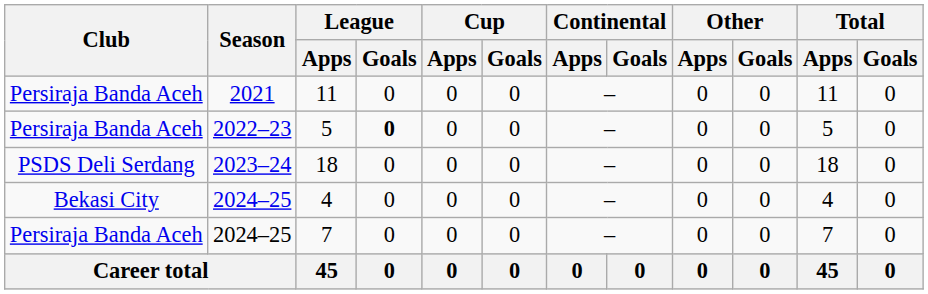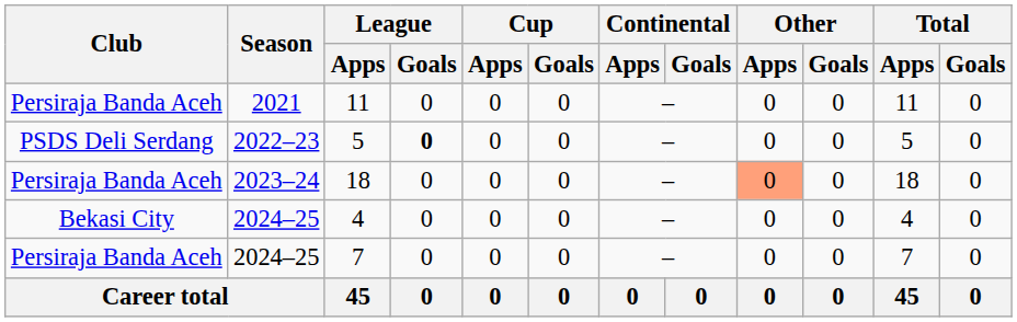 <table class="wikitable" style="text-align:center">
 <tr>
 <th rowspan="2">Club</th>
 <th rowspan="2">Season</th>
 <th colspan="2">League</th>
 <th colspan="2">Cup</th>
 <th colspan="2">Continental</th>
 <th colspan="2">Other</th>
 <th colspan="2">Total</th>
 </tr>
 <tr>
 <th>Apps</th>
 <th>Goals</th>
 <th>Apps</th>
 <th>Goals</th>
 <th>Apps</th>
 <th>Goals</th>
 <th>Apps</th>
 <th>Goals</th>
 <th>Apps</th>
 <th>Goals</th>
 </tr>
 <tr>
 <td><a href='#'>Persiraja Banda Aceh</a></td>
 <td><a href='#'>2021</a></td>
 <td>11</td>
 <td>0</td>
 <td>0</td>
 <td>0</td>
 <td colspan="2">–</td>
 <td>0</td>
 <td>0</td>
 <td>11</td>
 <td>0</td>
 </tr>
 <tr>
-<td><a href='#'>Persiraja Banda Aceh</a></td>
+<td><a href='#'>PSDS Deli Serdang</a></td>
 <td><a href='#'>2022–23</a></td>
 <td>5</td>
 <td><strong>0</strong></td>
 <td>0</td>
 <td>0</td>
 <td colspan="2">–</td>
 <td>0</td>
 <td>0</td>
 <td>5</td>
 <td>0</td>
 </tr>
 <tr>
-<td><a href='#'>PSDS Deli Serdang</a></td>
+<td><a href='#'>Persiraja Banda Aceh</a></td>
 <td><a href='#'>2023–24</a></td>
 <td>18</td>
 <td>0</td>
 <td>0</td>
 <td>0</td>
 <td colspan="2">–</td>
-<td>0</td>
+<td style="background: lightsalmon;">0</td>
 <td>0</td>
 <td>18</td>
 <td>0</td>
 </tr>
 <tr>
 <td><a href='#'>Bekasi City</a></td>
 <td><a href='#'>2024–25</a></td>
 <td>4</td>
 <td>0</td>
 <td>0</td>
 <td>0</td>
 <td colspan="2">–</td>
 <td>0</td>
 <td>0</td>
 <td>4</td>
 <td>0</td>
 </tr>
 <tr>
 <td><a href='#'>Persiraja Banda Aceh</a></td>
 <td>2024–25</td>
 <td>7</td>
 <td>0</td>
 <td>0</td>
 <td>0</td>
 <td colspan="2">–</td>
 <td>0</td>
 <td>0</td>
 <td>7</td>
 <td>0</td>
 </tr>
 <tr>
 <th colspan="2">Career total</th>
 <th>45</th>
 <th>0</th>
 <th>0</th>
 <th>0</th>
 <th>0</th>
 <th>0</th>
 <th>0</th>
 <th>0</th>
 <th>45</th>
 <th>0</th>
 </tr>
 </table>
